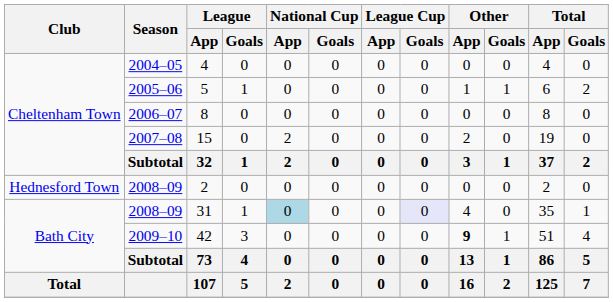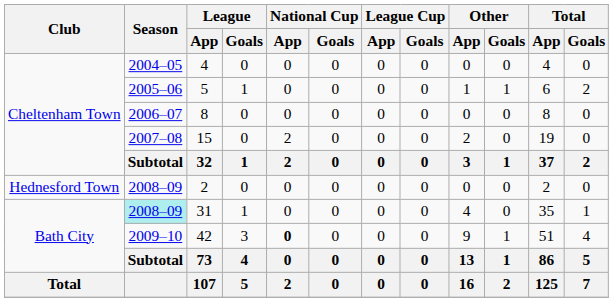 <table class="wikitable">
 <tr>
 <th rowspan=2>Club</th>
 <th rowspan=2>Season</th>
 <th colspan=2>League</th>
 <th colspan=2>National Cup</th>
 <th colspan=2>League Cup</th>
 <th colspan=2>Other</th>
 <th colspan=2>Total</th>
 </tr>
 <tr>
 <th>App</th>
 <th>Goals</th>
 <th>App</th>
 <th>Goals</th>
 <th>App</th>
 <th>Goals</th>
 <th>App</th>
 <th>Goals</th>
 <th>App</th>
 <th>Goals</th>
 </tr>
 <tr align=center>
 <td rowspan=5><a href='#'>Cheltenham Town</a></td>
 <td><a href='#'>2004–05</a></td>
 <td>4</td>
 <td>0</td>
 <td>0</td>
 <td>0</td>
 <td>0</td>
 <td>0</td>
 <td>0</td>
 <td>0</td>
 <td>4</td>
 <td>0</td>
 </tr>
 <tr align=center>
 <td><a href='#'>2005–06</a></td>
 <td>5</td>
 <td>1</td>
 <td>0</td>
 <td>0</td>
 <td>0</td>
 <td>0</td>
 <td>1</td>
 <td>1</td>
 <td>6</td>
 <td>2</td>
 </tr>
 <tr align=center>
 <td><a href='#'>2006–07</a></td>
 <td>8</td>
 <td>0</td>
 <td>0</td>
 <td>0</td>
 <td>0</td>
 <td>0</td>
 <td>0</td>
 <td>0</td>
 <td>8</td>
 <td>0</td>
 </tr>
 <tr align=center>
 <td><a href='#'>2007–08</a></td>
 <td>15</td>
 <td>0</td>
 <td>2</td>
 <td>0</td>
 <td>0</td>
 <td>0</td>
 <td>2</td>
 <td>0</td>
 <td>19</td>
 <td>0</td>
 </tr>
 <tr align=center>
 <th>Subtotal</th>
 <th>32</th>
 <th>1</th>
 <th>2</th>
 <th>0</th>
 <th>0</th>
 <th>0</th>
 <th>3</th>
 <th>1</th>
 <th>37</th>
 <th>2</th>
 </tr>
 <tr align=center>
 <td rowspan=1><a href='#'>Hednesford Town</a></td>
 <td><a href='#'>2008–09</a></td>
 <td>2</td>
 <td>0</td>
 <td>0</td>
 <td>0</td>
 <td>0</td>
 <td>0</td>
 <td>0</td>
 <td>0</td>
 <td>2</td>
 <td>0</td>
 </tr>
 <tr align=center>
 <td rowspan=3><a href='#'>Bath City</a></td>
-<td><a href='#'>2008–09</a></td>
+<td style="background: paleturquoise;"><a href='#'>2008–09</a></td>
 <td>31</td>
 <td>1</td>
-<td style="background: lightblue;">0</td>
 <td>0</td>
 <td>0</td>
-<td style="background: lavender;">0</td>
+<td>0</td>
+<td>0</td>
 <td>4</td>
 <td>0</td>
 <td>35</td>
 <td>1</td>
 </tr>
 <tr align=center>
 <td><a href='#'>2009–10</a></td>
 <td>42</td>
 <td>3</td>
+<td><strong>0</strong></td>
 <td>0</td>
 <td>0</td>
 <td>0</td>
-<td>0</td>
-<td><strong>9</strong></td>
+<td>9</td>
 <td>1</td>
 <td>51</td>
 <td>4</td>
 </tr>
 <tr align=center>
 <th>Subtotal</th>
 <th>73</th>
 <th>4</th>
 <th>0</th>
 <th>0</th>
 <th>0</th>
 <th>0</th>
 <th>13</th>
 <th>1</th>
 <th>86</th>
 <th>5</th>
 </tr>
 <tr align=center>
 <th>Total</th>
 <th></th>
 <th>107</th>
 <th>5</th>
 <th>2</th>
 <th>0</th>
 <th>0</th>
 <th>0</th>
 <th>16</th>
 <th>2</th>
 <th>125</th>
 <th>7</th>
 </tr>
 <tr>
 </tr>
 </table>
